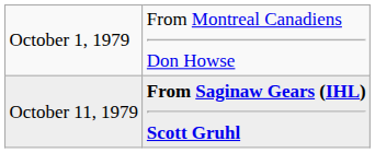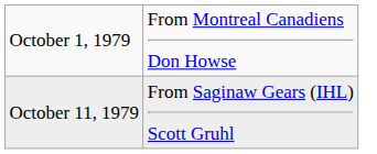 <table class="wikitable">
 <tr>
 <td>October 1, 1979</td>
 <td valign="top">From <a href='#'>Montreal Canadiens</a><hr><a href='#'>Don Howse</a></td>
 </tr>
 <tr style="background:#eee;">
 <td>October 11, 1979</td>
-<td valign="top"><strong>From <a href='#'>Saginaw Gears</a> (<a href='#'>IHL</a>)<hr><a href='#'>Scott Gruhl</a></strong></td>
+<td valign="top">From <a href='#'>Saginaw Gears</a> (<a href='#'>IHL</a>)<hr><a href='#'>Scott Gruhl</a></td>
 </tr>
 </table>
